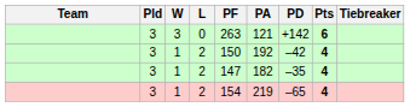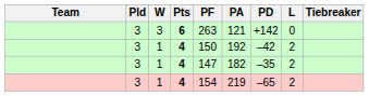 <table class="wikitable" style="text-align:center;">
 <tr>
 <th width=170>Team</th>
 <th width=25>Pld</th>
 <th width=25>W</th>
-<th width=25>L</th>
+<th width=25>Pts</th>
 <th width=35>PF</th>
 <th width=35>PA</th>
 <th width=35>PD</th>
-<th width=25>Pts</th>
+<th width=25>L</th>
 <th width=50>Tiebreaker</th>
 </tr>
 <tr bgcolor=ccffcc>
 <td align="left"></td>
 <td>3</td>
 <td>3</td>
-<td>0</td>
+<td><strong>6</strong></td>
 <td>263</td>
 <td>121</td>
 <td>+142</td>
-<td><strong>6</strong></td>
+<td>0</td>
 <td></td>
 </tr>
 <tr bgcolor=ccffcc>
 <td align="left"></td>
 <td>3</td>
 <td>1</td>
-<td>2</td>
+<td><strong>4</strong></td>
 <td>150</td>
 <td>192</td>
 <td>–42</td>
-<td><strong>4</strong></td>
+<td>2</td>
 <td></td>
 </tr>
 <tr bgcolor=ccffcc>
 <td align="left"></td>
 <td>3</td>
 <td>1</td>
-<td>2</td>
+<td><strong>4</strong></td>
 <td>147</td>
 <td>182</td>
 <td>–35</td>
-<td><strong>4</strong></td>
+<td>2</td>
 <td></td>
 </tr>
 <tr bgcolor=ffcccc>
 <td align="left"></td>
 <td>3</td>
 <td>1</td>
-<td>2</td>
+<td><strong>4</strong></td>
 <td>154</td>
 <td>219</td>
 <td>–65</td>
-<td><strong>4</strong></td>
+<td>2</td>
 <td></td>
 </tr>
 </table>
